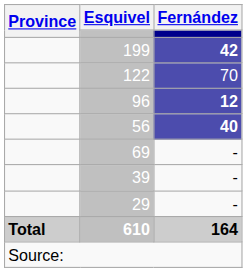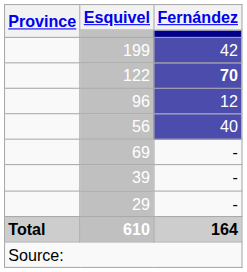 <table class="wikitable sortable" style="text-align:right; font-size:95%">
 <tr>
 <th rowspan=2><a href='#'>Province</a></th>
 <th width=60px><a href='#'>Esquivel</a></th>
 <th width=60px><a href='#'>Fernández</a></th>
 </tr>
 <tr>
 <th style="background:#C0C0C0"></th>
 <th style="background:#00008B"></th>
 </tr>
 <tr>
 <td align="left"></td>
 <td style="background:#C0C0C0; color:white;">199</td>
-<td style="background:#4c4cad; color:white;"><strong>42</strong></td>
+<td style="background:#4c4cad; color:white;">42</td>
 </tr>
 <tr>
 <td align="left"></td>
 <td style="background:#C0C0C0; color:white;">122</td>
-<td style="background:#4c4cad; color:white;">70</td>
+<td style="background:#4c4cad; color:white;"><strong>70</strong></td>
 </tr>
 <tr>
 <td align="left"></td>
 <td style="background:#C0C0C0; color:white;">96</td>
-<td style="background:#4c4cad; color:white;"><strong>12</strong></td>
+<td style="background:#4c4cad; color:white;">12</td>
 </tr>
 <tr>
 <td align="left"></td>
 <td style="background:#C0C0C0; color:white;">56</td>
-<td style="background:#4c4cad; color:white;"><strong>40</strong></td>
+<td style="background:#4c4cad; color:white;">40</td>
 </tr>
 <tr>
 <td align="left"></td>
 <td style="background:#C0C0C0; color:white;">69</td>
 <td>-</td>
 </tr>
 <tr>
 <td align="left"></td>
 <td style="background:#C0C0C0; color:white;">39</td>
 <td>-</td>
 </tr>
 <tr>
 <td align="left"></td>
 <td style="background:#C0C0C0; color:white;">29</td>
 <td>-</td>
 </tr>
 <tr style="background:#CDCDCD;"  class=sortbottom>
 <td align="left"><strong>Total</strong></td>
 <td style="background:#C0C0C0; color:white;"><strong>610</strong></td>
 <td><strong>164</strong></td>
 </tr>
 <tr class=sortbottom>
 <td align=left colspan=11>Source: </td>
 </tr>
 </table>
